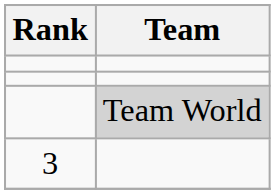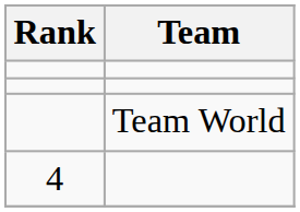 <table class="wikitable">
 <tr>
 <th>Rank</th>
 <th>Team</th>
 </tr>
 <tr>
 <td align=center></td>
 <td></td>
 </tr>
 <tr>
 <td align=center></td>
 <td></td>
 </tr>
 <tr>
 <td align=center></td>
-<td style="background: lightgrey;">Team World</td>
+<td>Team World</td>
 </tr>
 <tr>
-<td align=center>3</td>
+<td align=center>4</td>
 <td></td>
 </tr>
 <tr>
 </tr>
 </table>
